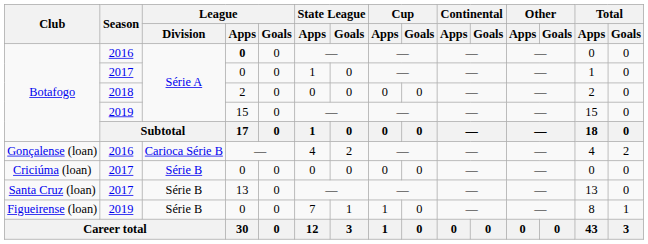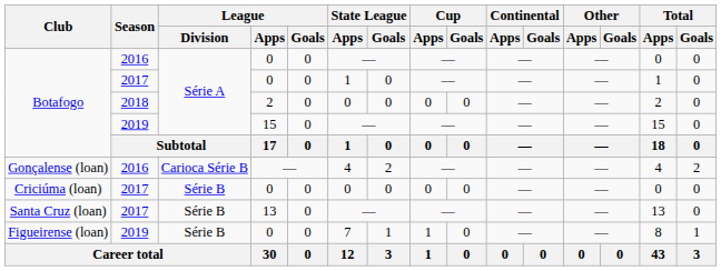 <table class="wikitable" style="text-align: center;">
 <tr>
 <th rowspan="2">Club</th>
 <th rowspan="2">Season</th>
 <th colspan="3">League</th>
 <th colspan="2">State League</th>
 <th colspan="2">Cup</th>
 <th colspan="2">Continental</th>
 <th colspan="2">Other</th>
 <th colspan="2">Total</th>
 </tr>
 <tr>
 <th>Division</th>
 <th>Apps</th>
 <th>Goals</th>
 <th>Apps</th>
 <th>Goals</th>
 <th>Apps</th>
 <th>Goals</th>
 <th>Apps</th>
 <th>Goals</th>
 <th>Apps</th>
 <th>Goals</th>
 <th>Apps</th>
 <th>Goals</th>
 </tr>
 <tr>
 <td rowspan="5" valign="center"><a href='#'>Botafogo</a></td>
 <td><a href='#'>2016</a></td>
 <td rowspan="4"><a href='#'>Série A</a></td>
-<td><strong>0</strong></td>
+<td>0</td>
 <td>0</td>
 <td colspan="2">—</td>
 <td colspan="2">—</td>
 <td colspan="2">—</td>
 <td colspan="2">—</td>
 <td>0</td>
 <td>0</td>
 </tr>
 <tr>
 <td><a href='#'>2017</a></td>
 <td>0</td>
 <td>0</td>
 <td>1</td>
 <td>0</td>
 <td colspan="2">—</td>
 <td colspan="2">—</td>
 <td colspan="2">—</td>
 <td>1</td>
 <td>0</td>
 </tr>
 <tr>
 <td><a href='#'>2018</a></td>
 <td>2</td>
 <td>0</td>
 <td>0</td>
 <td>0</td>
 <td>0</td>
 <td>0</td>
 <td colspan="2">—</td>
 <td colspan="2">—</td>
 <td>2</td>
 <td>0</td>
 </tr>
 <tr>
 <td><a href='#'>2019</a></td>
 <td>15</td>
 <td>0</td>
 <td colspan="2">—</td>
 <td colspan="2">—</td>
 <td colspan="2">—</td>
 <td colspan="2">—</td>
 <td>15</td>
 <td>0</td>
 </tr>
 <tr>
 <th colspan="2">Subtotal</th>
 <th>17</th>
 <th>0</th>
 <th>1</th>
 <th>0</th>
 <th>0</th>
 <th>0</th>
 <th colspan="2">—</th>
 <th colspan="2">—</th>
 <th>18</th>
 <th>0</th>
 </tr>
 <tr>
 <td valign="center"><a href='#'>Gonçalense</a> (loan)</td>
 <td><a href='#'>2016</a></td>
 <td><a href='#'>Carioca Série B</a></td>
 <td colspan="2">—</td>
 <td>4</td>
 <td>2</td>
 <td colspan="2">—</td>
 <td colspan="2">—</td>
 <td colspan="2">—</td>
 <td>4</td>
 <td>2</td>
 </tr>
 <tr>
 <td valign="center"><a href='#'>Criciúma</a> (loan)</td>
 <td><a href='#'>2017</a></td>
 <td><a href='#'>Série B</a></td>
 <td>0</td>
 <td>0</td>
 <td>0</td>
 <td>0</td>
 <td>0</td>
 <td>0</td>
 <td colspan="2">—</td>
 <td colspan="2">—</td>
 <td>0</td>
 <td>0</td>
 </tr>
 <tr>
 <td valign="center"><a href='#'>Santa Cruz</a> (loan)</td>
 <td><a href='#'>2017</a></td>
 <td>Série B</td>
 <td>13</td>
 <td>0</td>
 <td colspan="2">—</td>
 <td colspan="2">—</td>
 <td colspan="2">—</td>
 <td colspan="2">—</td>
 <td>13</td>
 <td>0</td>
 </tr>
 <tr>
 <td valign="center"><a href='#'>Figueirense</a> (loan)</td>
 <td><a href='#'>2019</a></td>
 <td>Série B</td>
 <td>0</td>
 <td>0</td>
 <td>7</td>
 <td>1</td>
 <td>1</td>
 <td>0</td>
 <td colspan="2">—</td>
 <td colspan="2">—</td>
 <td>8</td>
 <td>1</td>
 </tr>
 <tr>
 <th colspan="3"><strong>Career total</strong></th>
 <th>30</th>
 <th>0</th>
 <th>12</th>
 <th>3</th>
 <th>1</th>
 <th>0</th>
 <th>0</th>
 <th>0</th>
 <th>0</th>
 <th>0</th>
 <th>43</th>
 <th>3</th>
 </tr>
 </table>
